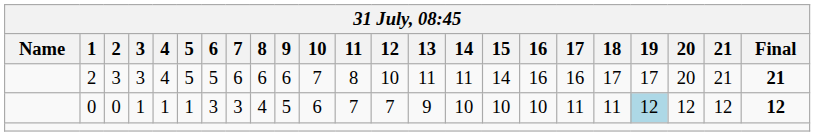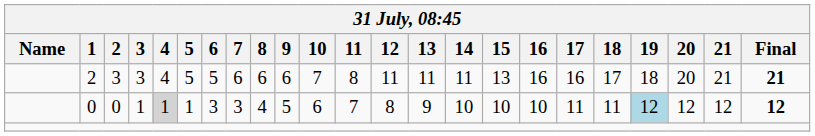 <table class=wikitable style="text-align:center; width: 55%">
 <tr>
 <th colspan=23><em>31 July, 08:45</em></th>
 </tr>
 <tr>
 <th>Name</th>
 <th>1</th>
 <th>2</th>
 <th>3</th>
 <th>4</th>
 <th>5</th>
 <th>6</th>
 <th>7</th>
 <th>8</th>
 <th>9</th>
 <th>10</th>
 <th>11</th>
 <th>12</th>
 <th>13</th>
 <th>14</th>
 <th>15</th>
 <th>16</th>
 <th>17</th>
 <th>18</th>
 <th>19</th>
 <th>20</th>
 <th>21</th>
 <th>Final</th>
 </tr>
 <tr>
 <td align=left><strong></strong></td>
 <td>2</td>
 <td>3</td>
 <td>3</td>
 <td>4</td>
 <td>5</td>
 <td>5</td>
 <td>6</td>
 <td>6</td>
 <td>6</td>
 <td>7</td>
 <td>8</td>
-<td>10</td>
 <td>11</td>
 <td>11</td>
-<td>14</td>
+<td>11</td>
+<td>13</td>
 <td>16</td>
 <td>16</td>
 <td>17</td>
-<td>17</td>
+<td>18</td>
 <td>20</td>
 <td>21</td>
 <td><strong>21</strong></td>
 </tr>
 <tr>
 <td align=left></td>
 <td>0</td>
 <td>0</td>
 <td>1</td>
-<td>1</td>
+<td style="background: lightgrey;">1</td>
 <td>1</td>
 <td>3</td>
 <td>3</td>
 <td>4</td>
 <td>5</td>
 <td>6</td>
 <td>7</td>
-<td>7</td>
+<td>8</td>
 <td>9</td>
 <td>10</td>
 <td>10</td>
 <td>10</td>
 <td>11</td>
 <td>11</td>
 <td style="background: lightblue;">12</td>
 <td>12</td>
 <td>12</td>
 <td><strong>12</strong></td>
 </tr>
 <tr>
 <td colspan=23></td>
 </tr>
 </table>
